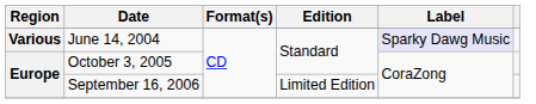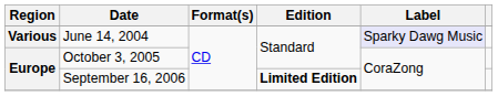 <table class="wikitable plainrowheaders">
 <tr>
 <th scope="col">Region</th>
 <th scope="col">Date</th>
 <th scope="col">Format(s)</th>
 <th scope="col">Edition</th>
 <th scope="col">Label</th>
 <th scope="col"></th>
 </tr>
 <tr>
 </tr>
 <tr>
 <th scope="row">Various</th>
 <td>June 14, 2004</td>
 <td rowspan="3"><a href='#'>CD</a></td>
 <td rowspan="2">Standard</td>
 <td style="background: lavender;">Sparky Dawg Music</td>
 <td style="text-align:center"></td>
 </tr>
 <tr>
 <th scope="row" rowspan="2">Europe</th>
 <td>October 3, 2005</td>
 <td rowspan="2">CoraZong</td>
 <td style="text-align:center;"></td>
 </tr>
 <tr>
 <td>September 16, 2006</td>
-<td>Limited Edition</td>
+<td><strong>Limited Edition</strong></td>
 <td style="text-align:center;"></td>
 </tr>
 <tr>
 </tr>
 </table>
